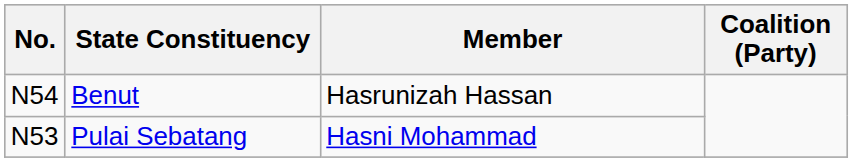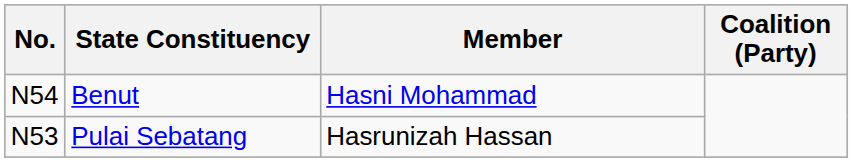 <table class="wikitable sortable">
 <tr>
 <th width="30">No.</th>
 <th width="150">State Constituency</th>
 <th width="230">Member</th>
 <th width="80">Coalition (Party)</th>
 </tr>
 <tr>
 <td>N54</td>
 <td><a href='#'>Benut</a></td>
-<td>Hasrunizah Hassan</td>
+<td><a href='#'>Hasni Mohammad</a></td>
 <td rowspan=2></td>
 </tr>
 <tr>
 <td>N53</td>
 <td><a href='#'>Pulai Sebatang</a></td>
-<td><a href='#'>Hasni Mohammad</a></td>
+<td>Hasrunizah Hassan</td>
 </tr>
 </table>
